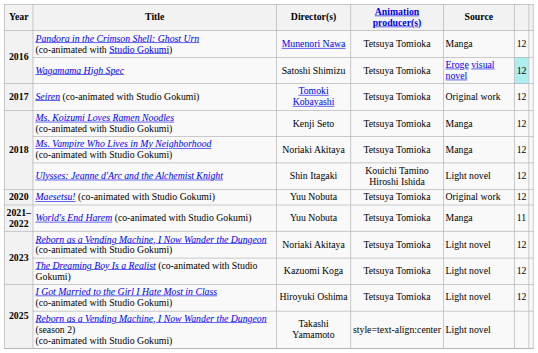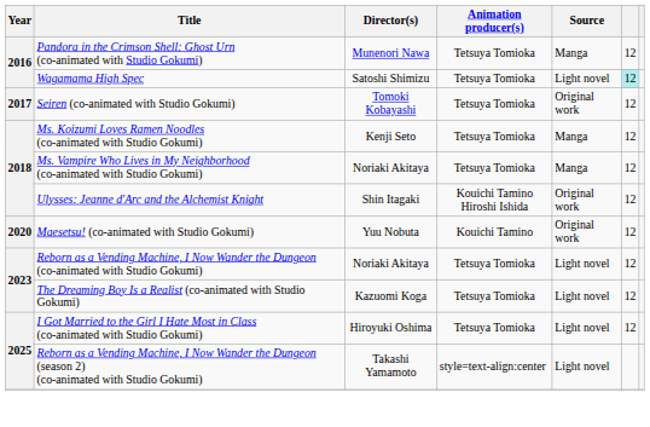 <table class="wikitable sortable plainrowheaders">
 <tr>
 <th scope="col" class="unsortable" width=10>Year</th>
 <th scope="col">Title</th>
 <th scope="col">Director(s)</th>
 <th scope="col"><a href='#'>Animation producer(s)</a></th>
 <th scope="col">Source</th>
 <th scope="col"></th>
 <th scope="col" class="unsortable"></th>
 </tr>
 <tr>
 <th scope="row" rowspan="2">2016</th>
 <td><em><a href='#'>Pandora in the Crimson Shell: Ghost Urn</a></em><br>(co-animated with <a href='#'>Studio Gokumi</a>)</td>
 <td style=text-align:center><a href='#'>Munenori Nawa</a></td>
 <td style=text-align:center>Tetsuya Tomioka</td>
 <td>Manga</td>
 <td>12</td>
 <td></td>
 </tr>
 <tr>
 <td><em><a href='#'>Wagamama High Spec</a></em></td>
 <td style=text-align:center>Satoshi Shimizu</td>
 <td style=text-align:center>Tetsuya Tomioka</td>
-<td><a href='#'>Eroge</a> <a href='#'>visual novel</a></td>
+<td>Light novel</td>
 <td style="background: paleturquoise;">12</td>
 <td></td>
 </tr>
 <tr>
 <th scope="row">2017</th>
 <td><em><a href='#'>Seiren</a></em> (co-animated with Studio Gokumi)</td>
 <td style=text-align:center><a href='#'>Tomoki Kobayashi</a></td>
 <td style=text-align:center>Tetsuya Tomioka</td>
 <td>Original work</td>
 <td>12</td>
 <td></td>
 </tr>
 <tr>
 <th scope="row" rowspan="3">2018</th>
 <td><em><a href='#'>Ms. Koizumi Loves Ramen Noodles</a></em><br>(co-animated with Studio Gokumi)</td>
 <td style=text-align:center>Kenji Seto</td>
 <td style=text-align:center>Tetsuya Tomioka</td>
 <td>Manga</td>
 <td>12</td>
 <td></td>
 </tr>
 <tr>
 <td><em><a href='#'>Ms. Vampire Who Lives in My Neighborhood</a></em><br>(co-animated with Studio Gokumi)</td>
 <td style=text-align:center>Noriaki Akitaya</td>
 <td style=text-align:center>Tetsuya Tomioka</td>
 <td>Manga</td>
 <td>12</td>
 <td></td>
 </tr>
 <tr>
 <td><em><a href='#'>Ulysses: Jeanne d'Arc and the Alchemist Knight</a></em></td>
 <td style=text-align:center>Shin Itagaki</td>
 <td style=text-align:center>Kouichi Tamino<br>Hiroshi Ishida</td>
-<td>Light novel</td>
+<td>Original work</td>
 <td>12</td>
 <td></td>
 </tr>
 <tr>
 <th scope="row">2020</th>
 <td><em><a href='#'>Maesetsu!</a></em> (co-animated with Studio Gokumi)</td>
 <td style=text-align:center>Yuu Nobuta</td>
-<td style=text-align:center>Tetsuya Tomioka</td>
+<td style=text-align:center>Kouichi Tamino</td>
 <td>Original work</td>
 <td>12</td>
-<td></td>
-</tr>
-<tr>
-<th scope="row">2021–2022</th>
-<td><em><a href='#'>World's End Harem</a></em> (co-animated with Studio Gokumi)</td>
-<td style=text-align:center>Yuu Nobuta</td>
-<td style=text-align:center>Tetsuya Tomioka</td>
-<td>Manga</td>
-<td>11</td>
 <td></td>
 </tr>
 <tr>
 <th scope="row" rowspan="2">2023</th>
 <td><em><a href='#'>Reborn as a Vending Machine, I Now Wander the Dungeon</a></em><br>(co-animated with Studio Gokumi)</td>
 <td style=text-align:center>Noriaki Akitaya</td>
 <td style=text-align:center>Tetsuya Tomioka</td>
 <td>Light novel</td>
 <td>12</td>
 <td></td>
 </tr>
 <tr>
 <td><em><a href='#'>The Dreaming Boy Is a Realist</a></em> (co-animated with Studio Gokumi)</td>
 <td style=text-align:center>Kazuomi Koga</td>
 <td style=text-align:center>Tetsuya Tomioka</td>
 <td>Light novel</td>
 <td>12</td>
 <td></td>
 </tr>
 <tr>
 <th scope="row" rowspan="2">2025</th>
 <td><em><a href='#'>I Got Married to the Girl I Hate Most in Class</a></em><br>(co-animated with Studio Gokumi)</td>
 <td style=text-align:center>Hiroyuki Oshima</td>
 <td style=text-align:center>Tetsuya Tomioka</td>
 <td>Light novel</td>
 <td>12</td>
 <td></td>
 </tr>
 <tr>
 <td><em><a href='#'>Reborn as a Vending Machine, I Now Wander the Dungeon</a></em> (season 2)<br>(co-animated with Studio Gokumi)</td>
 <td style=text-align:center>Takashi Yamamoto</td>
 <td>style=text-align:center </td>
 <td>Light novel</td>
 <td></td>
 <td></td>
 </tr>
 <tr>
 </tr>
 </table>
